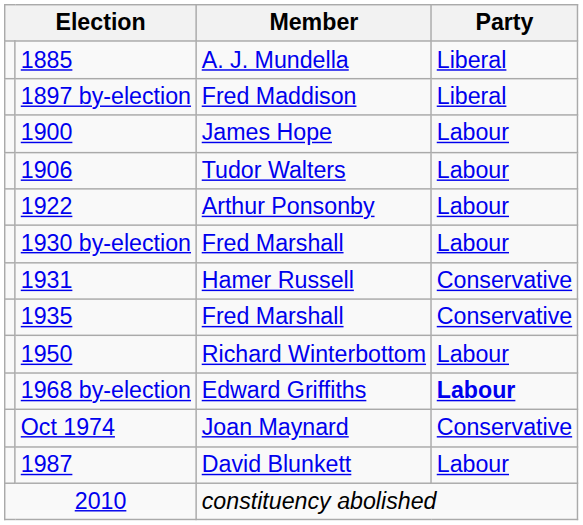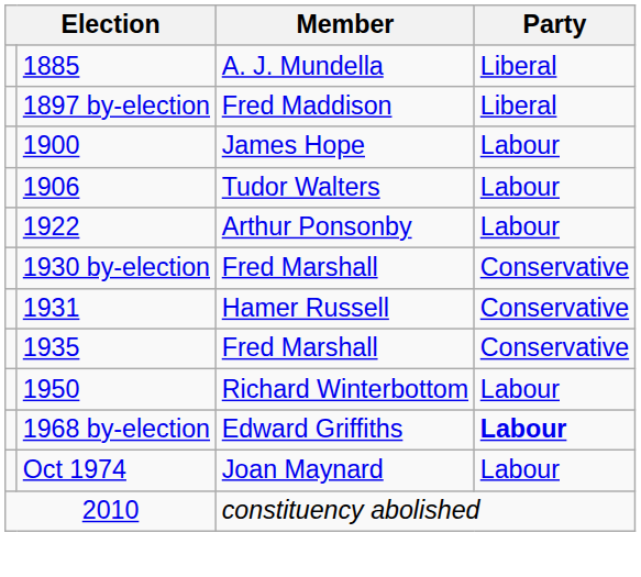 <table class="wikitable">
 <tr>
 <th colspan="2">Election</th>
 <th>Member</th>
 <th>Party</th>
 </tr>
 <tr>
 <td style="color:inherit;background-color: "></td>
 <td><a href='#'>1885</a></td>
 <td><a href='#'>A. J. Mundella</a></td>
 <td><a href='#'>Liberal</a></td>
 </tr>
 <tr>
 <td style="color:inherit;background-color: "></td>
 <td><a href='#'>1897 by-election</a></td>
 <td><a href='#'>Fred Maddison</a></td>
 <td><a href='#'>Liberal</a></td>
 </tr>
 <tr>
 <td style="color:inherit;background-color: "></td>
 <td><a href='#'>1900</a></td>
 <td><a href='#'>James Hope</a></td>
 <td><a href='#'>Labour</a></td>
 </tr>
 <tr>
 <td style="color:inherit;background-color: "></td>
 <td><a href='#'>1906</a></td>
 <td><a href='#'>Tudor Walters</a></td>
 <td><a href='#'>Labour</a></td>
 </tr>
 <tr>
 <td style="color:inherit;background-color: "></td>
 <td><a href='#'>1922</a></td>
 <td><a href='#'>Arthur Ponsonby</a></td>
 <td><a href='#'>Labour</a></td>
 </tr>
 <tr>
 <td style="color:inherit;background-color: "></td>
 <td><a href='#'>1930 by-election</a></td>
 <td><a href='#'>Fred Marshall</a></td>
-<td><a href='#'>Labour</a></td>
+<td><a href='#'>Conservative</a></td>
 </tr>
 <tr>
 <td style="color:inherit;background-color: "></td>
 <td><a href='#'>1931</a></td>
 <td><a href='#'>Hamer Russell</a></td>
 <td><a href='#'>Conservative</a></td>
 </tr>
 <tr>
 <td style="color:inherit;background-color: "></td>
 <td><a href='#'>1935</a></td>
 <td><a href='#'>Fred Marshall</a></td>
 <td><a href='#'>Conservative</a></td>
 </tr>
 <tr>
 <td style="color:inherit;background-color: "></td>
 <td><a href='#'>1950</a></td>
 <td><a href='#'>Richard Winterbottom</a></td>
 <td><a href='#'>Labour</a></td>
 </tr>
 <tr>
 <td style="color:inherit;background-color: "></td>
 <td><a href='#'>1968 by-election</a></td>
 <td><a href='#'>Edward Griffiths</a></td>
 <td><strong><a href='#'>Labour</a></strong></td>
 </tr>
 <tr>
 <td style="color:inherit;background-color: "></td>
 <td><a href='#'>Oct 1974</a></td>
 <td><a href='#'>Joan Maynard</a></td>
-<td><a href='#'>Conservative</a></td>
-</tr>
-<tr>
-<td style="color:inherit;background-color: "></td>
-<td><a href='#'>1987</a></td>
-<td><a href='#'>David Blunkett</a></td>
 <td><a href='#'>Labour</a></td>
 </tr>
 <tr>
 <td colspan="2" align="center"><a href='#'>2010</a></td>
 <td colspan="2"><em>constituency abolished</em></td>
 </tr>
 </table>
